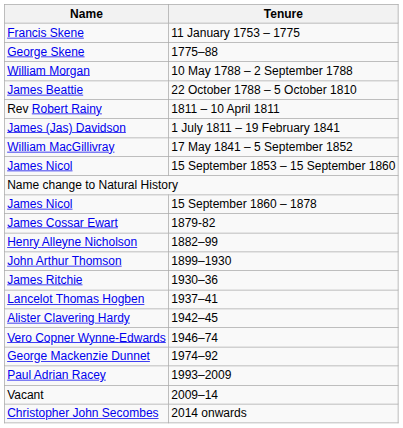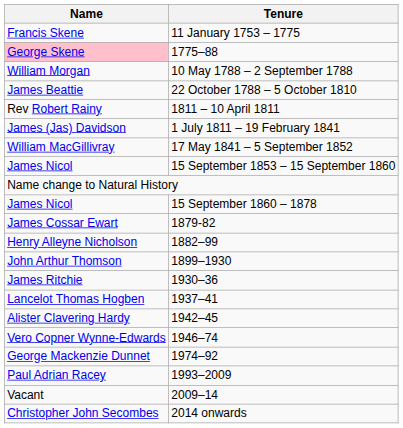 <table class="wikitable">
 <tr>
 <th>Name</th>
 <th>Tenure</th>
 </tr>
 <tr>
 <td><a href='#'>Francis Skene</a></td>
 <td>11 January 1753 – 1775</td>
 </tr>
 <tr>
-<td><a href='#'>George Skene</a></td>
+<td style="background: pink;"><a href='#'>George Skene</a></td>
 <td>1775–88</td>
 </tr>
 <tr>
 <td><a href='#'>William Morgan</a></td>
 <td>10 May 1788 – 2 September 1788</td>
 </tr>
 <tr>
 <td><a href='#'>James Beattie</a></td>
 <td>22 October 1788 – 5 October 1810</td>
 </tr>
 <tr>
 <td>Rev <a href='#'>Robert Rainy</a></td>
 <td>1811 – 10 April 1811</td>
 </tr>
 <tr>
 <td><a href='#'>James (Jas) Davidson</a></td>
 <td>1 July 1811 – 19 February 1841</td>
 </tr>
 <tr>
 <td><a href='#'>William MacGillivray</a></td>
 <td>17 May 1841 – 5 September 1852</td>
 </tr>
 <tr>
 <td><a href='#'>James Nicol</a></td>
 <td>15 September 1853 – 15 September 1860</td>
 </tr>
 <tr>
 <td colspan="2">Name change to Natural History</td>
 </tr>
 <tr>
 <td><a href='#'>James Nicol</a></td>
 <td>15 September 1860 – 1878</td>
 </tr>
 <tr>
 <td><a href='#'>James Cossar Ewart</a></td>
 <td>1879-82</td>
 </tr>
 <tr>
 <td><a href='#'>Henry Alleyne Nicholson</a></td>
 <td>1882–99</td>
 </tr>
 <tr>
 <td><a href='#'>John Arthur Thomson</a></td>
 <td>1899–1930</td>
 </tr>
 <tr>
 <td><a href='#'>James Ritchie</a></td>
 <td>1930–36</td>
 </tr>
 <tr>
 <td><a href='#'>Lancelot Thomas Hogben</a></td>
 <td>1937–41</td>
 </tr>
 <tr>
 <td><a href='#'>Alister Clavering Hardy</a></td>
 <td>1942–45</td>
 </tr>
 <tr>
 <td><a href='#'>Vero Copner Wynne-Edwards</a></td>
 <td>1946–74</td>
 </tr>
 <tr>
 <td><a href='#'>George Mackenzie Dunnet</a></td>
 <td>1974–92</td>
 </tr>
 <tr>
 <td><a href='#'>Paul Adrian Racey</a></td>
 <td>1993–2009</td>
 </tr>
 <tr>
 <td>Vacant</td>
 <td>2009–14</td>
 </tr>
 <tr>
 <td><a href='#'>Christopher John Secombes</a></td>
 <td>2014 onwards</td>
 </tr>
 </table>
